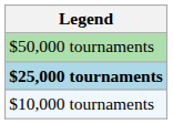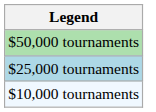 <table class="wikitable" style="font-size:85%">
 <tr>
 <th>Legend</th>
 </tr>
 <tr style="background:#addfad">
 <td>$50,000 tournaments</td>
 </tr>
 <tr style="background:lightblue">
-<td><strong>$25,000 tournaments</strong></td>
+<td>$25,000 tournaments</td>
 </tr>
 <tr bgcolor="#f0f8ff">
 <td>$10,000 tournaments</td>
 </tr>
 </table>
